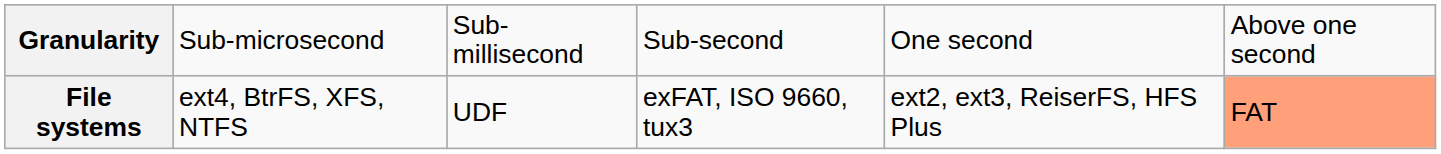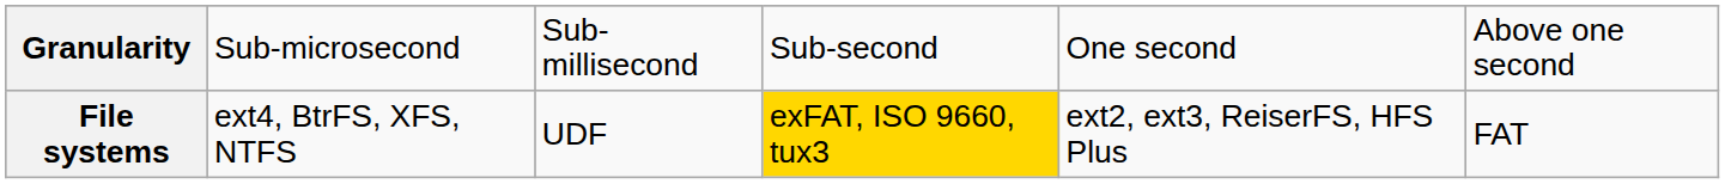 <table class="wikitable">
 <tr>
 <th>Granularity</th>
 <td>Sub-microsecond</td>
 <td>Sub-millisecond</td>
 <td>Sub-second</td>
 <td>One second</td>
 <td>Above one second</td>
 </tr>
 <tr>
 <th>File systems</th>
 <td>ext4, BtrFS, XFS, NTFS</td>
 <td>UDF</td>
-<td>exFAT, ISO 9660, tux3</td>
+<td style="background: gold;">exFAT, ISO 9660, tux3</td>
 <td>ext2, ext3, ReiserFS, HFS Plus</td>
-<td style="background: lightsalmon;">FAT</td>
+<td>FAT</td>
 </tr>
 </table>
